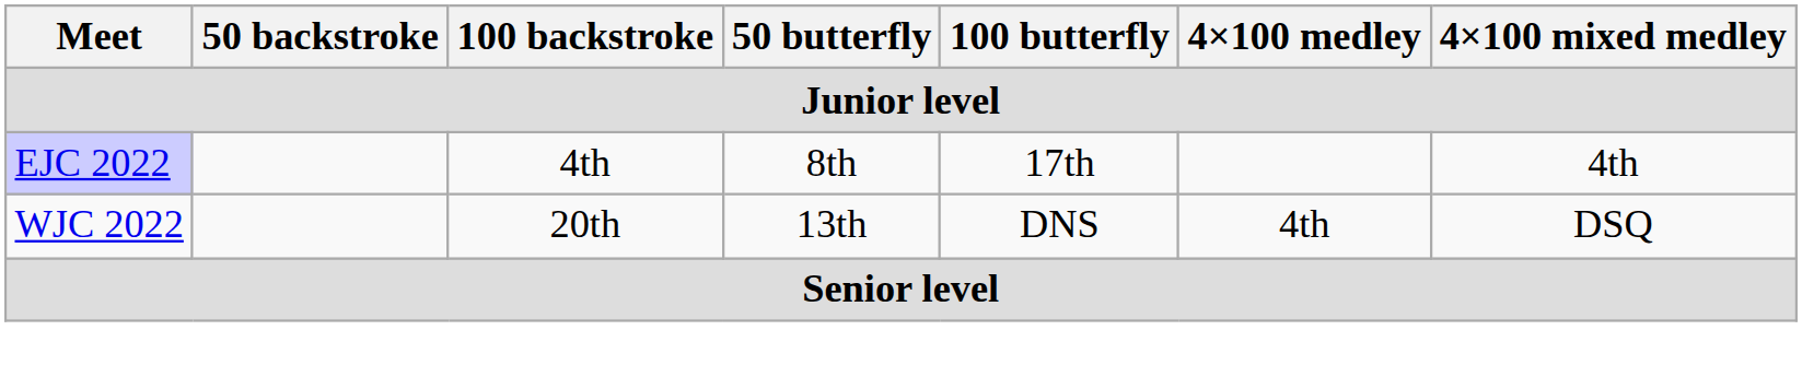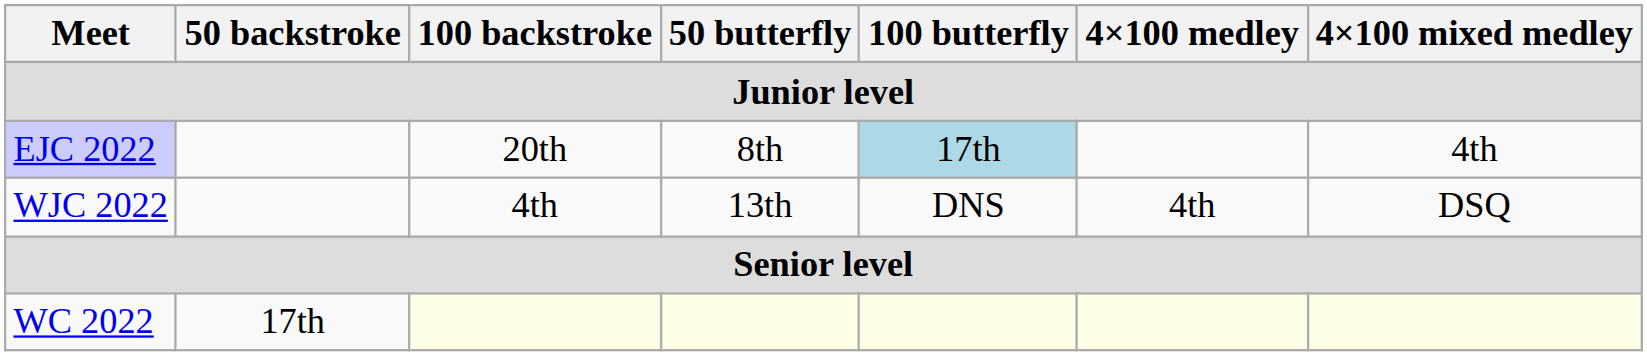 <table class="sortable wikitable">
 <tr>
 <th>Meet</th>
 <th class="unsortable">50 backstroke</th>
 <th class="unsortable">100 backstroke</th>
 <th class="unsortable">50 butterfly</th>
 <th class="unsortable">100 butterfly</th>
 <th class="unsortable">4×100 medley</th>
 <th class="unsortable">4×100 mixed medley</th>
 </tr>
 <tr bgcolor="#DDDDDD">
 <td colspan="7" align="center"><strong>Junior level</strong></td>
 </tr>
 <tr>
 <td style="background:#ccccff"><a href='#'>EJC 2022</a></td>
 <td align="center"></td>
-<td align="center">4th</td>
+<td align="center">20th</td>
 <td align="center">8th</td>
-<td align="center">17th</td>
+<td align="center" style="background: lightblue;">17th</td>
 <td align="center"></td>
 <td align="center">4th</td>
 </tr>
 <tr>
 <td><a href='#'>WJC 2022</a></td>
 <td align="center"></td>
-<td align="center">20th</td>
+<td align="center">4th</td>
 <td align="center">13th</td>
 <td align="center">DNS</td>
 <td align="center">4th</td>
 <td align="center">DSQ</td>
 </tr>
 <tr bgcolor="#DDDDDD">
 <td colspan="7" align="center"><strong>Senior level</strong></td>
 </tr>
+<tr>
+<td><a href='#'>WC 2022</a></td>
+<td align="center">17th</td>
+<td style="background:#fdffe7"></td>
+<td style="background:#fdffe7"></td>
+<td style="background:#fdffe7"></td>
+<td style="background:#fdffe7"></td>
+<td style="background:#fdffe7"></td>
+</tr>
 </table>
